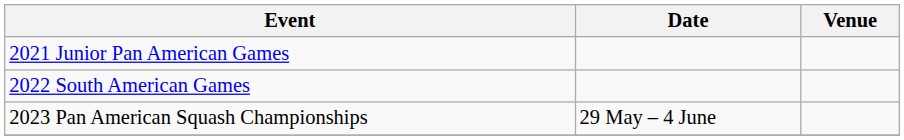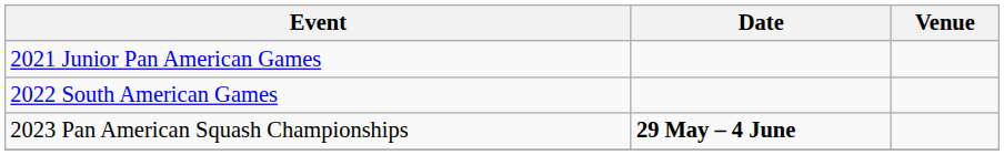 <table class="wikitable" width=700>
 <tr>
 <th>Event</th>
 <th>Date</th>
 <th>Venue</th>
 </tr>
 <tr>
 <td><a href='#'>2021 Junior Pan American Games</a></td>
 <td></td>
 <td></td>
 </tr>
 <tr>
 <td><a href='#'>2022 South American Games</a></td>
 <td></td>
 <td></td>
 </tr>
 <tr>
 <td>2023 Pan American Squash Championships</td>
-<td>29 May – 4 June</td>
+<td><strong>29 May – 4 June</strong></td>
 <td></td>
 </tr>
 <tr>
 </tr>
 </table>
